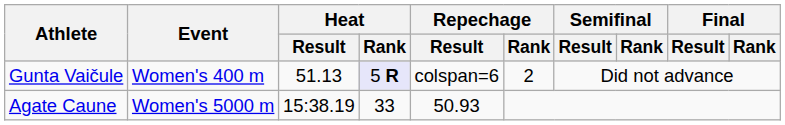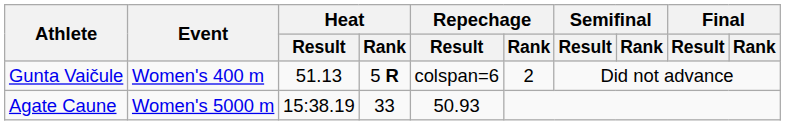 <table class="wikitable" style="font-size:90%">
 <tr>
 <th rowspan="2">Athlete</th>
 <th rowspan="2">Event</th>
 <th colspan="2">Heat</th>
 <th colspan="2">Repechage</th>
 <th colspan="2">Semifinal</th>
 <th colspan="2">Final</th>
 </tr>
 <tr style="font-size:95%">
 <th>Result</th>
 <th>Rank</th>
 <th>Result</th>
 <th>Rank</th>
 <th>Result</th>
 <th>Rank</th>
 <th>Result</th>
 <th>Rank</th>
 </tr>
 <tr align=center>
 <td align=left><a href='#'>Gunta Vaičule</a></td>
 <td align=left><a href='#'>Women's 400 m</a></td>
 <td>51.13</td>
-<td style="background: lavender;">5 <strong>R</strong></td>
+<td>5 <strong>R</strong></td>
 <td>colspan=6 </td>
 <td>2</td>
 <td colspan=4>Did not advance</td>
 </tr>
 <tr align=center>
 <td align=left><a href='#'>Agate Caune</a></td>
 <td align=left><a href='#'>Women's 5000 m</a></td>
 <td>15:38.19</td>
 <td>33</td>
 <td>50.93</td>
 </tr>
 </table>
